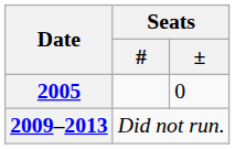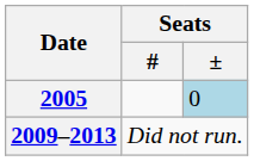 <table class="wikitable">
 <tr>
 <th rowspan="2">Date</th>
 <th colspan="2">Seats</th>
 </tr>
 <tr>
 <th>#</th>
 <th>±</th>
 </tr>
 <tr>
 <th><a href='#'>2005</a></th>
 <td></td>
-<td> 0</td>
+<td style="background: lightblue;"> 0</td>
 </tr>
 <tr>
 <th><a href='#'>2009</a>–<a href='#'>2013</a></th>
 <td colspan="5" style="text-align:center;"><em>Did not run.</em></td>
 </tr>
 </table>
